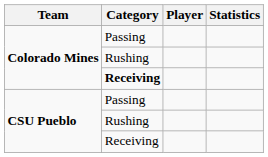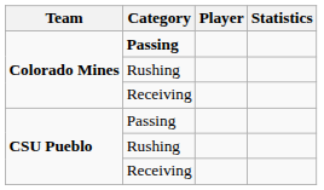 <table class="wikitable" style="float: left;">
 <tr>
 <th>Team</th>
 <th>Category</th>
 <th>Player</th>
 <th>Statistics</th>
 </tr>
 <tr>
 <td rowspan=3><strong>Colorado Mines</strong></td>
-<td>Passing</td>
+<td><strong>Passing</strong></td>
 <td></td>
 <td></td>
 </tr>
 <tr>
 <td>Rushing</td>
 <td></td>
 <td></td>
 </tr>
 <tr>
-<td><strong>Receiving</strong></td>
+<td>Receiving</td>
 <td></td>
 <td></td>
 </tr>
 <tr>
 <td rowspan=3><strong>CSU Pueblo</strong></td>
 <td>Passing</td>
 <td></td>
 <td></td>
 </tr>
 <tr>
 <td>Rushing</td>
 <td></td>
 <td></td>
 </tr>
 <tr>
 <td>Receiving</td>
 <td></td>
 <td></td>
 </tr>
 </table>
